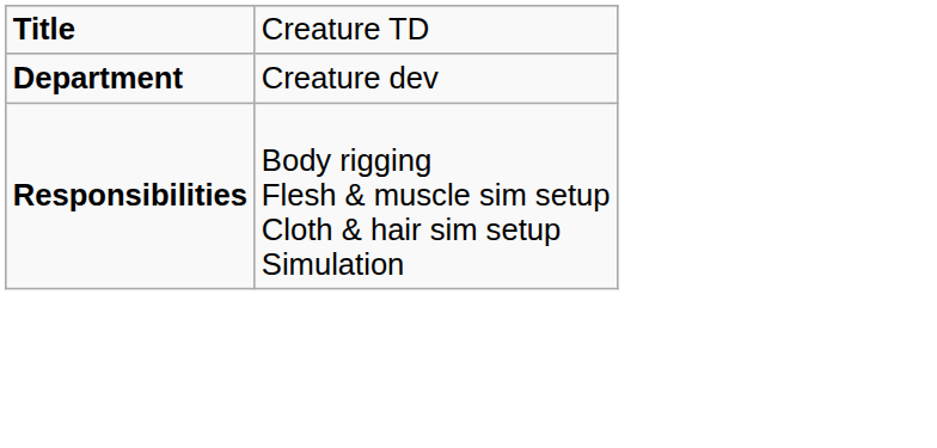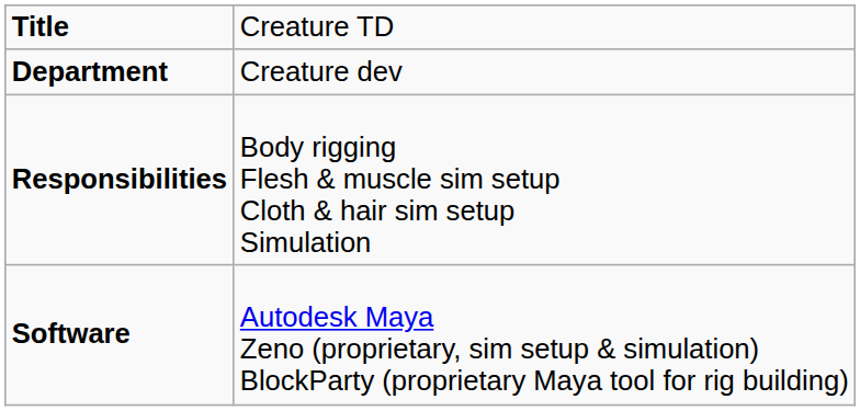 <table class="wikitable">
 <tr>
 <td><strong>Title</strong></td>
 <td>Creature TD</td>
 </tr>
 <tr>
 <td><strong>Department</strong></td>
 <td>Creature dev</td>
 </tr>
 <tr>
 <td><strong>Responsibilities</strong></td>
 <td><br>Body rigging<br> Flesh & muscle sim setup<br> Cloth & hair sim setup<br> Simulation</td>
 </tr>
+<tr>
+<td><strong>Software</strong></td>
+<td><br><a href='#'>Autodesk Maya</a><br> Zeno (proprietary, sim setup & simulation)<br> BlockParty (proprietary Maya tool for rig building)<br></td>
+</tr>
 </table>
